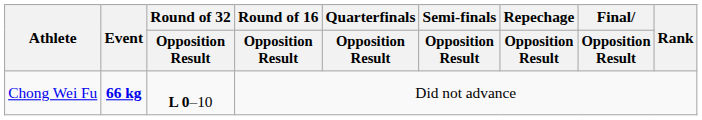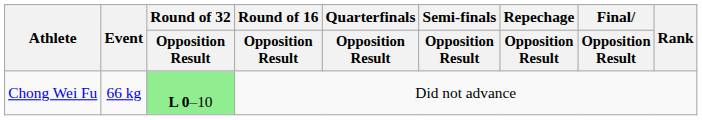 <table class=wikitable style="text-align:center; font-size:90%">
 <tr>
 <th rowspan="2">Athlete</th>
 <th rowspan="2">Event</th>
 <th>Round of 32</th>
 <th>Round of 16</th>
 <th>Quarterfinals</th>
 <th>Semi-finals</th>
 <th>Repechage</th>
 <th>Final/</th>
 <th rowspan=2>Rank</th>
 </tr>
 <tr style="font-size:95%">
 <th>Opposition<br>Result</th>
 <th>Opposition<br>Result</th>
 <th>Opposition<br>Result</th>
 <th>Opposition<br>Result</th>
 <th>Opposition<br>Result</th>
 <th>Opposition<br>Result</th>
 </tr>
 <tr>
 <td align=left><a href='#'>Chong Wei Fu</a></td>
-<td><strong><a href='#'>66 kg</a></strong></td>
-<td style="text-align:center;"><br><strong>L 0</strong>–10</td>
+<td><a href='#'>66 kg</a></td>
+<td style="background: lightgreen; text-align:center;"><br><strong>L 0</strong>–10</td>
 <td colspan="6" style="text-align:center;">Did not advance</td>
 </tr>
 </table>
